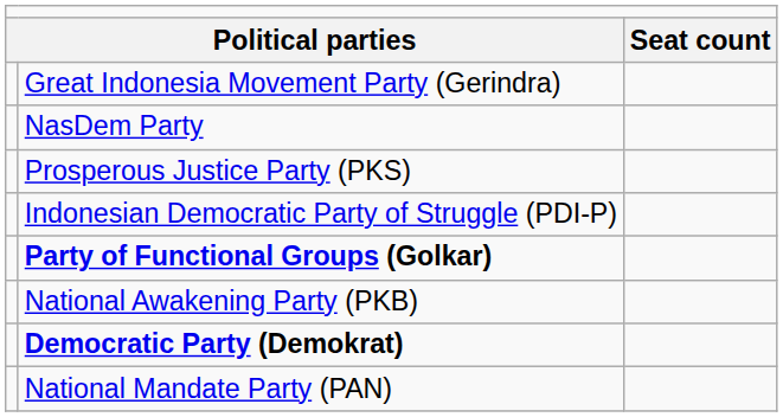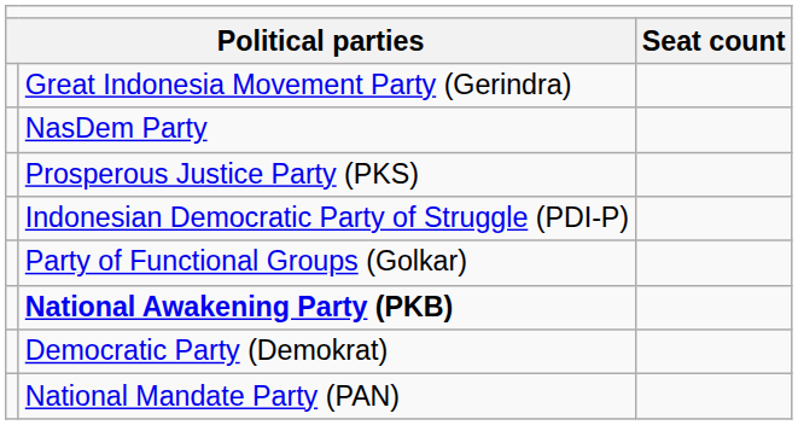 <table class="wikitable">
 <tr>
 <td colspan="4"></td>
 </tr>
 <tr>
 <th colspan="2">Political parties</th>
 <th>Seat count</th>
 </tr>
 <tr>
 <td bgcolor=></td>
 <td><a href='#'>Great Indonesia Movement Party</a> (Gerindra)</td>
 <td></td>
 </tr>
 <tr>
 <td bgcolor=></td>
 <td><a href='#'>NasDem Party</a></td>
 <td></td>
 </tr>
 <tr>
 <td bgcolor=></td>
 <td><a href='#'>Prosperous Justice Party</a> (PKS)</td>
 <td></td>
 </tr>
 <tr>
 <td bgcolor=></td>
 <td><a href='#'>Indonesian Democratic Party of Struggle</a> (PDI-P)</td>
 <td></td>
 </tr>
 <tr>
 <td bgcolor=></td>
-<td><strong><a href='#'>Party of Functional Groups</a> (Golkar)</strong></td>
+<td><a href='#'>Party of Functional Groups</a> (Golkar)</td>
 <td></td>
 </tr>
 <tr>
 <td bgcolor=></td>
-<td><a href='#'>National Awakening Party</a> (PKB)</td>
+<td><strong><a href='#'>National Awakening Party</a> (PKB)</strong></td>
 <td></td>
 </tr>
 <tr>
 <td bgcolor=></td>
-<td><strong><a href='#'>Democratic Party</a> (Demokrat)</strong></td>
+<td><a href='#'>Democratic Party</a> (Demokrat)</td>
 <td></td>
 </tr>
 <tr>
 <td bgcolor=></td>
 <td><a href='#'>National Mandate Party</a> (PAN)</td>
 <td></td>
 </tr>
 </table>
